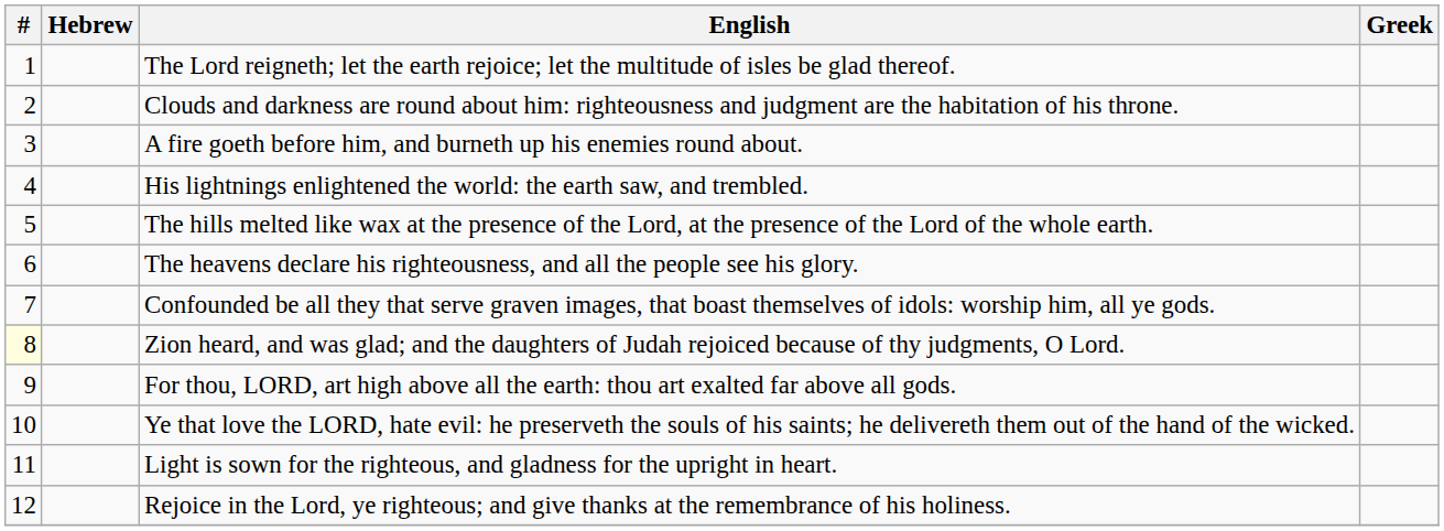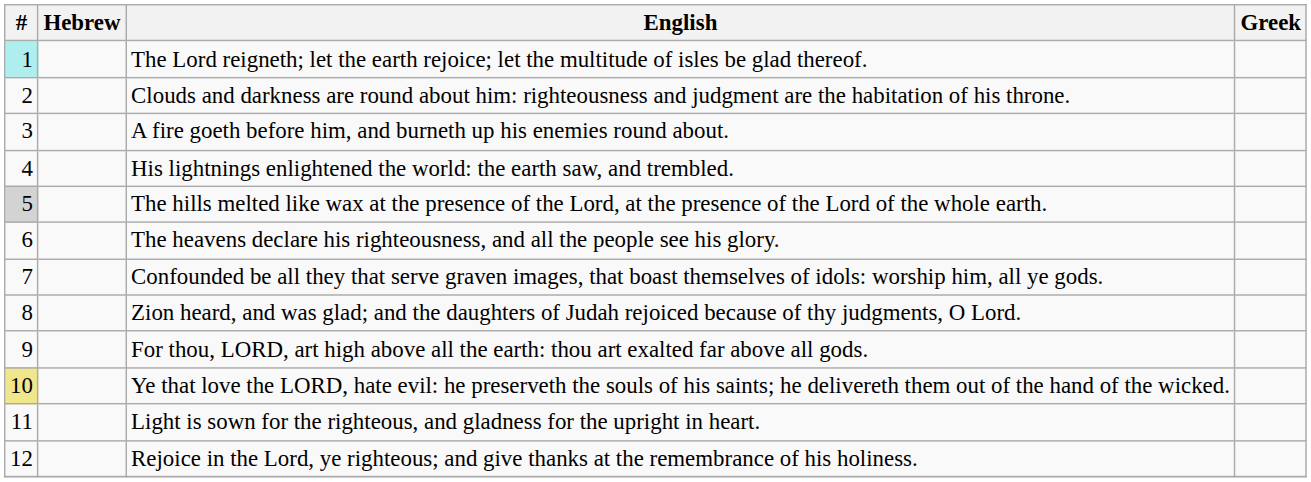 <table class=wikitable>
 <tr>
 <th>#</th>
 <th>Hebrew</th>
 <th>English</th>
 <th>Greek</th>
 </tr>
 <tr>
-<td style="text-align:right">1</td>
+<td style="background: paleturquoise; text-align:right">1</td>
 <td style="text-align:right"></td>
 <td>The Lord reigneth; let the earth rejoice; let the multitude of isles be glad thereof.</td>
 <td></td>
 </tr>
 <tr>
 <td style="text-align:right">2</td>
 <td style="text-align:right"></td>
 <td>Clouds and darkness are round about him: righteousness and judgment are the habitation of his throne.</td>
 <td></td>
 </tr>
 <tr>
 <td style="text-align:right">3</td>
 <td style="text-align:right"></td>
 <td>A fire goeth before him, and burneth up his enemies round about.</td>
 <td></td>
 </tr>
 <tr>
 <td style="text-align:right">4</td>
 <td style="text-align:right"></td>
 <td>His lightnings enlightened the world: the earth saw, and trembled.</td>
 <td></td>
 </tr>
 <tr>
-<td style="text-align:right">5</td>
+<td style="background: lightgrey; text-align:right">5</td>
 <td style="text-align:right"></td>
 <td>The hills melted like wax at the presence of the Lord, at the presence of the Lord of the whole earth.</td>
 <td></td>
 </tr>
 <tr>
 <td style="text-align:right">6</td>
 <td style="text-align:right"></td>
 <td>The heavens declare his righteousness, and all the people see his glory.</td>
 <td></td>
 </tr>
 <tr>
 <td style="text-align:right">7</td>
 <td style="text-align:right"></td>
 <td>Confounded be all they that serve graven images, that boast themselves of idols: worship him, all ye gods.</td>
 <td></td>
 </tr>
 <tr>
-<td style="background: lightyellow; text-align:right">8</td>
+<td style="text-align:right">8</td>
 <td style="text-align:right"></td>
 <td>Zion heard, and was glad; and the daughters of Judah rejoiced because of thy judgments, O Lord.</td>
 <td></td>
 </tr>
 <tr>
 <td style="text-align:right">9</td>
 <td style="text-align:right"></td>
 <td>For thou, LORD, art high above all the earth: thou art exalted far above all gods.</td>
 <td></td>
 </tr>
 <tr>
-<td style="text-align:right">10</td>
+<td style="background: khaki; text-align:right">10</td>
 <td style="text-align:right"></td>
 <td>Ye that love the LORD, hate evil: he preserveth the souls of his saints; he delivereth them out of the hand of the wicked.</td>
 <td></td>
 </tr>
 <tr>
 <td style="text-align:right">11</td>
 <td style="text-align:right"></td>
 <td>Light is sown for the righteous, and gladness for the upright in heart.</td>
 <td></td>
 </tr>
 <tr>
 <td style="text-align:right">12</td>
 <td style="text-align:right"></td>
 <td>Rejoice in the Lord, ye righteous; and give thanks at the remembrance of his holiness.</td>
 <td></td>
 </tr>
 <tr>
 </tr>
 </table>
